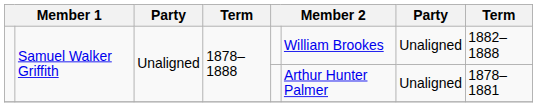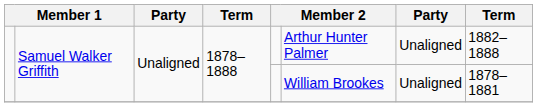 <table class="wikitable">
 <tr>
 <th colspan="2">Member 1</th>
 <th>Party</th>
 <th>Term</th>
 <th colspan="2">Member 2</th>
 <th>Party</th>
 <th>Term</th>
 </tr>
 <tr>
 <td rowspan = 2 > </td>
 <td rowspan = 2><a href='#'>Samuel Walker Griffith</a></td>
 <td rowspan = 2>Unaligned</td>
 <td rowspan = 2>1878–1888</td>
 <td> </td>
-<td><a href='#'>William Brookes</a></td>
+<td><a href='#'>Arthur Hunter Palmer</a></td>
 <td>Unaligned</td>
 <td>1882–1888</td>
 </tr>
 <tr>
 <td> </td>
-<td><a href='#'>Arthur Hunter Palmer</a></td>
+<td><a href='#'>William Brookes</a></td>
 <td>Unaligned</td>
 <td>1878–1881</td>
 </tr>
 <tr>
 </tr>
 </table>
